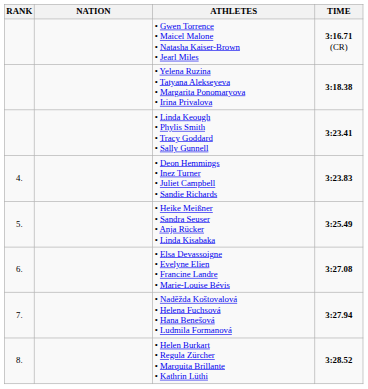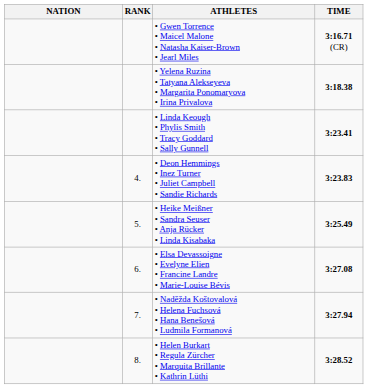 <table class="wikitable" style="border-collapse: collapse; font-size: 90%;">
 <tr>
+<th style="width: 13em">NATION</th>
 <th>RANK</th>
-<th style="width: 13em">NATION</th>
 <th style="width: 18em">ATHLETES</th>
 <th style="width: 5em">TIME</th>
 </tr>
 <tr>
 <td align="center"></td>
 <td align="center"></td>
 <td>• <a href='#'>Gwen Torrence</a><br>• <a href='#'>Maicel Malone</a><br>• <a href='#'>Natasha Kaiser-Brown</a><br>• <a href='#'>Jearl Miles</a></td>
 <td align="center"><strong>3:16.71</strong><br>(CR)</td>
 </tr>
 <tr>
 <td align="center"></td>
 <td align="center"></td>
 <td>• <a href='#'>Yelena Ruzina</a><br>• <a href='#'>Tatyana Alekseyeva</a><br>• <a href='#'>Margarita Ponomaryova</a><br>• <a href='#'>Irina Privalova</a></td>
 <td align="center"><strong>3:18.38</strong></td>
 </tr>
 <tr>
 <td align="center"></td>
 <td align="center"></td>
 <td>• <a href='#'>Linda Keough</a><br>• <a href='#'>Phylis Smith</a><br>• <a href='#'>Tracy Goddard</a><br>• <a href='#'>Sally Gunnell</a></td>
 <td align="center"><strong>3:23.41</strong></td>
 </tr>
 <tr>
+<td align="center"></td>
 <td align="center">4.</td>
-<td align="center"></td>
 <td>• <a href='#'>Deon Hemmings</a><br>• <a href='#'>Inez Turner</a><br>• <a href='#'>Juliet Campbell</a><br>• <a href='#'>Sandie Richards</a></td>
 <td align="center"><strong>3:23.83</strong></td>
 </tr>
 <tr>
+<td align="center"></td>
 <td align="center">5.</td>
-<td align="center"></td>
 <td>• <a href='#'>Heike Meißner</a><br>• <a href='#'>Sandra Seuser</a><br>• <a href='#'>Anja Rücker</a><br>• <a href='#'>Linda Kisabaka</a></td>
 <td align="center"><strong>3:25.49</strong></td>
 </tr>
 <tr>
+<td align="center"></td>
 <td align="center">6.</td>
-<td align="center"></td>
 <td>• <a href='#'>Elsa Devassoigne</a><br>• <a href='#'>Evelyne Elien</a><br>• <a href='#'>Francine Landre</a><br>• <a href='#'>Marie-Louise Bévis</a></td>
 <td align="center"><strong>3:27.08</strong></td>
 </tr>
 <tr>
+<td align="center"></td>
 <td align="center">7.</td>
-<td align="center"></td>
 <td>• <a href='#'>Naděžda Koštovalová</a><br>• <a href='#'>Helena Fuchsová</a><br>• <a href='#'>Hana Benešová</a><br>• <a href='#'>Ludmila Formanová</a></td>
 <td align="center"><strong>3:27.94</strong></td>
 </tr>
 <tr>
+<td align="center"></td>
 <td align="center">8.</td>
-<td align="center"></td>
 <td>• <a href='#'>Helen Burkart</a><br>• <a href='#'>Regula Zürcher</a><br>• <a href='#'>Marquita Brillante</a><br>• <a href='#'>Kathrin Lüthi</a></td>
 <td align="center"><strong>3:28.52</strong></td>
 </tr>
 </table>
